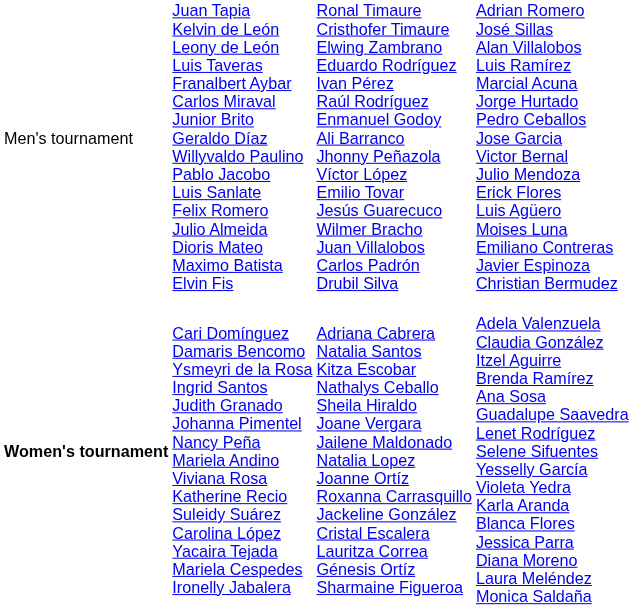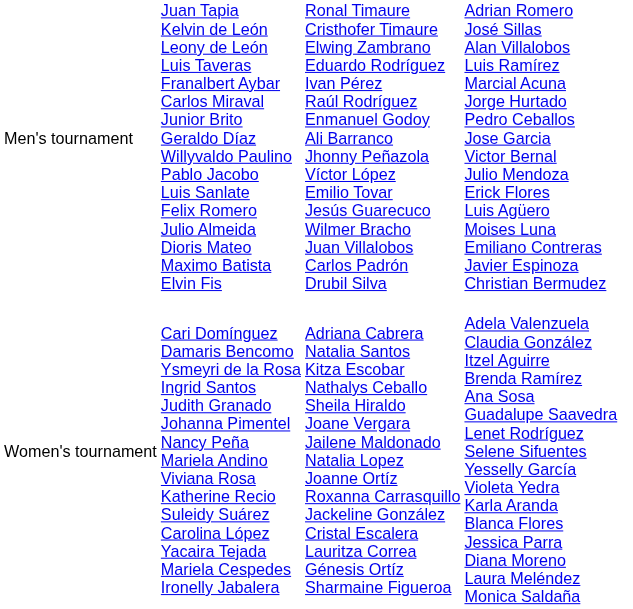 <table>
 <tr>
 <td>Men's tournament</td>
 <td><br><a href='#'>Juan Tapia</a><br><a href='#'>Kelvin de León</a><br><a href='#'>Leony de León</a><br><a href='#'>Luis Taveras</a><br><a href='#'>Franalbert Aybar</a><br><a href='#'>Carlos Miraval</a><br><a href='#'>Junior Brito</a><br><a href='#'>Geraldo Díaz</a><br><a href='#'>Willyvaldo Paulino</a><br><a href='#'>Pablo Jacobo</a><br><a href='#'>Luis Sanlate</a><br><a href='#'>Felix Romero</a><br><a href='#'>Julio Almeida</a><br><a href='#'>Dioris Mateo</a><br><a href='#'>Maximo Batista</a><br><a href='#'>Elvin Fis</a></td>
 <td><br><a href='#'>Ronal Timaure</a><br><a href='#'>Cristhofer Timaure</a><br><a href='#'>Elwing Zambrano</a><br><a href='#'>Eduardo Rodríguez</a><br><a href='#'>Ivan Pérez</a><br><a href='#'>Raúl Rodríguez</a><br><a href='#'>Enmanuel Godoy</a><br><a href='#'>Ali Barranco</a><br><a href='#'>Jhonny Peñazola</a><br><a href='#'>Víctor López</a><br><a href='#'>Emilio Tovar</a><br><a href='#'>Jesús Guarecuco</a><br><a href='#'>Wilmer Bracho</a><br><a href='#'>Juan Villalobos</a><br><a href='#'>Carlos Padrón</a><br><a href='#'>Drubil Silva</a></td>
 <td><br><a href='#'>Adrian Romero</a><br><a href='#'>José Sillas</a><br><a href='#'>Alan Villalobos</a><br><a href='#'>Luis Ramírez</a><br><a href='#'>Marcial Acuna</a><br><a href='#'>Jorge Hurtado</a><br><a href='#'>Pedro Ceballos</a><br><a href='#'>Jose Garcia</a><br><a href='#'>Victor Bernal</a><br><a href='#'>Julio Mendoza</a><br><a href='#'>Erick Flores</a><br><a href='#'>Luis Agüero</a><br><a href='#'>Moises Luna</a><br><a href='#'>Emiliano Contreras</a><br><a href='#'>Javier Espinoza</a><br><a href='#'>Christian Bermudez</a></td>
 </tr>
 <tr>
-<td><strong>Women's tournament</strong></td>
+<td>Women's tournament</td>
 <td><br><a href='#'>Cari Domínguez</a><br><a href='#'>Damaris Bencomo</a><br><a href='#'>Ysmeyri de la Rosa</a><br><a href='#'>Ingrid Santos</a><br><a href='#'>Judith Granado</a><br><a href='#'>Johanna Pimentel</a><br><a href='#'>Nancy Peña</a><br><a href='#'>Mariela Andino</a><br><a href='#'>Viviana Rosa</a><br><a href='#'>Katherine Recio</a><br><a href='#'>Suleidy Suárez</a><br><a href='#'>Carolina López</a><br><a href='#'>Yacaira Tejada</a><br><a href='#'>Mariela Cespedes</a><br><a href='#'>Ironelly Jabalera</a></td>
 <td><br><a href='#'>Adriana Cabrera</a><br><a href='#'>Natalia Santos</a><br><a href='#'>Kitza Escobar</a><br><a href='#'>Nathalys Ceballo</a><br><a href='#'>Sheila Hiraldo</a><br><a href='#'>Joane Vergara</a><br><a href='#'>Jailene Maldonado</a><br><a href='#'>Natalia Lopez</a><br><a href='#'>Joanne Ortíz</a><br><a href='#'>Roxanna Carrasquillo</a><br><a href='#'>Jackeline González</a><br><a href='#'>Cristal Escalera</a><br><a href='#'>Lauritza Correa</a><br><a href='#'>Génesis Ortíz</a><br><a href='#'>Sharmaine Figueroa</a></td>
 <td><br><a href='#'>Adela Valenzuela</a><br><a href='#'>Claudia González</a><br><a href='#'>Itzel Aguirre</a><br><a href='#'>Brenda Ramírez</a><br><a href='#'>Ana Sosa</a><br><a href='#'>Guadalupe Saavedra</a><br><a href='#'>Lenet Rodríguez</a><br><a href='#'>Selene Sifuentes</a><br><a href='#'>Yesselly García</a><br><a href='#'>Violeta Yedra</a><br><a href='#'>Karla Aranda</a><br><a href='#'>Blanca Flores</a><br><a href='#'>Jessica Parra</a><br><a href='#'>Diana Moreno</a><br><a href='#'>Laura Meléndez</a><br><a href='#'>Monica Saldaña</a></td>
 </tr>
 </table>
